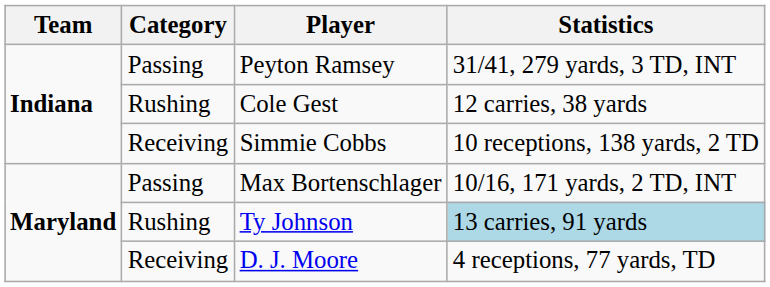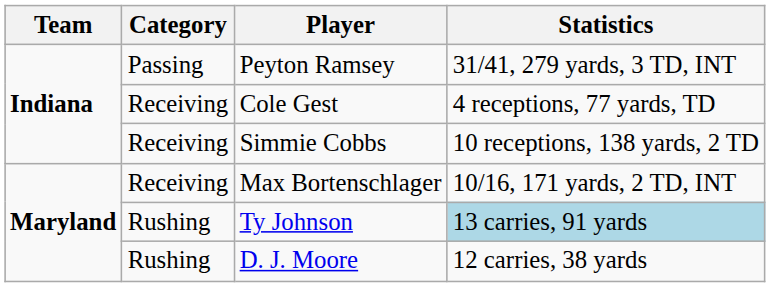 <table class="wikitable" style="float: right;">
 <tr>
 <th>Team</th>
 <th>Category</th>
 <th>Player</th>
 <th>Statistics</th>
 </tr>
 <tr>
 <td rowspan=3><strong>Indiana</strong></td>
 <td>Passing</td>
 <td>Peyton Ramsey</td>
 <td>31/41, 279 yards, 3 TD, INT</td>
 </tr>
 <tr>
-<td>Rushing</td>
+<td>Receiving</td>
 <td>Cole Gest</td>
-<td>12 carries, 38 yards</td>
+<td>4 receptions, 77 yards, TD</td>
 </tr>
 <tr>
 <td>Receiving</td>
 <td>Simmie Cobbs</td>
 <td>10 receptions, 138 yards, 2 TD</td>
 </tr>
 <tr>
 <td rowspan=3><strong>Maryland</strong></td>
-<td>Passing</td>
+<td>Receiving</td>
 <td>Max Bortenschlager</td>
 <td>10/16, 171 yards, 2 TD, INT</td>
 </tr>
 <tr>
 <td>Rushing</td>
 <td><a href='#'>Ty Johnson</a></td>
 <td style="background: lightblue;">13 carries, 91 yards</td>
 </tr>
 <tr>
-<td>Receiving</td>
+<td>Rushing</td>
 <td><a href='#'>D. J. Moore</a></td>
-<td>4 receptions, 77 yards, TD</td>
+<td>12 carries, 38 yards</td>
 </tr>
 </table>
